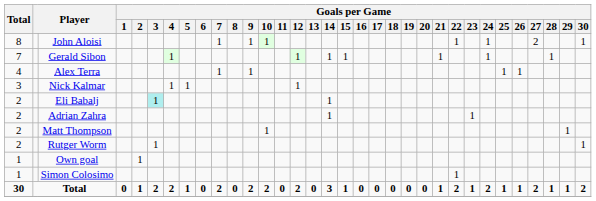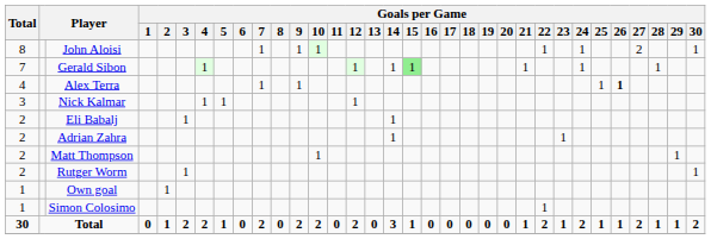 <table class="wikitable" style="text-align:center; line-height: 90%; font-size:90%">
 <tr>
 <th rowspan="2">Total</th>
 <th rowspan="2" colspan="2">Player</th>
 <th colspan="32">Goals per Game</th>
 </tr>
 <tr>
 <th> 1 </th>
 <th> 2 </th>
 <th> 3 </th>
 <th> 4 </th>
 <th> 5 </th>
 <th> 6 </th>
 <th> 7 </th>
 <th> 8 </th>
 <th> 9 </th>
 <th>10</th>
 <th>11</th>
 <th>12</th>
 <th>13</th>
 <th>14</th>
 <th>15</th>
 <th>16</th>
 <th>17</th>
 <th>18</th>
 <th>19</th>
 <th>20</th>
 <th>21</th>
 <th>22</th>
 <th>23</th>
 <th>24</th>
 <th>25</th>
 <th>26</th>
 <th>27</th>
 <th>28</th>
 <th>29</th>
 <th>30</th>
 </tr>
 <tr>
 <td>8</td>
 <td></td>
 <td><a href='#'>John Aloisi</a></td>
 <td></td>
 <td></td>
 <td></td>
 <td></td>
 <td></td>
 <td></td>
 <td>1</td>
 <td></td>
 <td>1</td>
 <td style="background:#e0ffe0;">1</td>
 <td></td>
 <td></td>
 <td></td>
 <td></td>
 <td></td>
 <td></td>
 <td></td>
 <td></td>
 <td></td>
 <td></td>
 <td></td>
 <td>1</td>
 <td></td>
 <td>1</td>
 <td></td>
 <td></td>
 <td>2</td>
 <td></td>
 <td></td>
 <td>1</td>
 </tr>
 <tr>
 <td>7</td>
 <td></td>
 <td><a href='#'>Gerald Sibon</a></td>
 <td></td>
 <td></td>
 <td></td>
 <td style="background:#e0ffe0;">1</td>
 <td></td>
 <td></td>
 <td></td>
 <td></td>
 <td></td>
 <td></td>
 <td></td>
 <td style="background:#e0ffe0;">1</td>
 <td></td>
 <td>1</td>
-<td>1</td>
+<td style="background: lightgreen;">1</td>
 <td></td>
 <td></td>
 <td></td>
 <td></td>
 <td></td>
 <td>1</td>
 <td></td>
 <td></td>
 <td>1</td>
 <td></td>
 <td></td>
 <td></td>
 <td>1</td>
 <td></td>
 <td></td>
 </tr>
 <tr>
 <td>4</td>
 <td></td>
 <td><a href='#'>Alex Terra</a></td>
 <td></td>
 <td></td>
 <td></td>
 <td></td>
 <td></td>
 <td></td>
 <td>1</td>
 <td></td>
 <td>1</td>
 <td></td>
 <td></td>
 <td></td>
 <td></td>
 <td></td>
 <td></td>
 <td></td>
 <td></td>
 <td></td>
 <td></td>
 <td></td>
 <td></td>
 <td></td>
 <td></td>
 <td></td>
 <td>1</td>
-<td>1</td>
+<td><strong>1</strong></td>
 <td></td>
 <td></td>
 <td></td>
 <td></td>
 </tr>
 <tr>
 <td>3</td>
 <td></td>
 <td><a href='#'>Nick Kalmar</a></td>
 <td></td>
 <td></td>
 <td></td>
 <td>1</td>
 <td>1</td>
 <td></td>
 <td></td>
 <td></td>
 <td></td>
 <td></td>
 <td></td>
 <td>1</td>
 <td></td>
 <td></td>
 <td></td>
 <td></td>
 <td></td>
 <td></td>
 <td></td>
 <td></td>
 <td></td>
 <td></td>
 <td></td>
 <td></td>
 <td></td>
 <td></td>
 <td></td>
 <td></td>
 <td></td>
 <td></td>
 </tr>
 <tr>
 <td>2</td>
 <td></td>
 <td><a href='#'>Eli Babalj</a></td>
 <td></td>
 <td></td>
-<td style="background: paleturquoise;">1</td>
+<td>1</td>
 <td></td>
 <td></td>
 <td></td>
 <td></td>
 <td></td>
 <td></td>
 <td></td>
 <td></td>
 <td></td>
 <td></td>
 <td>1</td>
 <td></td>
 <td></td>
 <td></td>
 <td></td>
 <td></td>
 <td></td>
 <td></td>
 <td></td>
 <td></td>
 <td></td>
 <td></td>
 <td></td>
 <td></td>
 <td></td>
 <td></td>
 <td></td>
 </tr>
 <tr>
 <td>2</td>
 <td></td>
 <td><a href='#'>Adrian Zahra</a></td>
 <td></td>
 <td></td>
 <td></td>
 <td></td>
 <td></td>
 <td></td>
 <td></td>
 <td></td>
 <td></td>
 <td></td>
 <td></td>
 <td></td>
 <td></td>
 <td>1</td>
 <td></td>
 <td></td>
 <td></td>
 <td></td>
 <td></td>
 <td></td>
 <td></td>
 <td></td>
 <td>1</td>
 <td></td>
 <td></td>
 <td></td>
 <td></td>
 <td></td>
 <td></td>
 <td></td>
 </tr>
 <tr>
 <td>2</td>
 <td></td>
 <td><a href='#'>Matt Thompson</a></td>
 <td></td>
 <td></td>
 <td></td>
 <td></td>
 <td></td>
 <td></td>
 <td></td>
 <td></td>
 <td></td>
 <td>1</td>
 <td></td>
 <td></td>
 <td></td>
 <td></td>
 <td></td>
 <td></td>
 <td></td>
 <td></td>
 <td></td>
 <td></td>
 <td></td>
 <td></td>
 <td></td>
 <td></td>
 <td></td>
 <td></td>
 <td></td>
 <td></td>
 <td>1</td>
 <td></td>
 </tr>
 <tr>
 <td>2</td>
 <td></td>
 <td><a href='#'>Rutger Worm</a></td>
 <td></td>
 <td></td>
 <td>1</td>
 <td></td>
 <td></td>
 <td></td>
 <td></td>
 <td></td>
 <td></td>
 <td></td>
 <td></td>
 <td></td>
 <td></td>
 <td></td>
 <td></td>
 <td></td>
 <td></td>
 <td></td>
 <td></td>
 <td></td>
 <td></td>
 <td></td>
 <td></td>
 <td></td>
 <td></td>
 <td></td>
 <td></td>
 <td></td>
 <td></td>
 <td>1</td>
 </tr>
 <tr>
 <td>1</td>
 <td></td>
 <td><a href='#'>Own goal</a></td>
 <td></td>
 <td>1</td>
 <td></td>
 <td></td>
 <td></td>
 <td></td>
 <td></td>
 <td></td>
 <td></td>
 <td></td>
 <td></td>
 <td></td>
 <td></td>
 <td></td>
 <td></td>
 <td></td>
 <td></td>
 <td></td>
 <td></td>
 <td></td>
 <td></td>
 <td></td>
 <td></td>
 <td></td>
 <td></td>
 <td></td>
 <td></td>
 <td></td>
 <td></td>
 <td></td>
 </tr>
 <tr>
 <td>1</td>
 <td></td>
 <td><a href='#'>Simon Colosimo</a></td>
 <td></td>
 <td></td>
 <td></td>
 <td></td>
 <td></td>
 <td></td>
 <td></td>
 <td></td>
 <td></td>
 <td></td>
 <td></td>
 <td></td>
 <td></td>
 <td></td>
 <td></td>
 <td></td>
 <td></td>
 <td></td>
 <td></td>
 <td></td>
 <td></td>
 <td>1</td>
 <td></td>
 <td></td>
 <td></td>
 <td></td>
 <td></td>
 <td></td>
 <td></td>
 <td></td>
 </tr>
 <tr>
 <td><strong>30</strong></td>
 <td colspan="2"><strong>Total</strong></td>
 <td><strong>0 </strong></td>
 <td><strong>1</strong></td>
 <td><strong>2</strong></td>
 <td><strong>2</strong></td>
 <td><strong>1</strong></td>
 <td><strong>0</strong></td>
 <td><strong>2</strong></td>
 <td><strong>0</strong></td>
 <td><strong>2</strong></td>
 <td><strong>2</strong></td>
 <td><strong>0</strong></td>
 <td><strong>2</strong></td>
 <td><strong>0</strong></td>
 <td><strong>3</strong></td>
 <td><strong>1</strong></td>
 <td><strong>0</strong></td>
 <td><strong>0</strong></td>
 <td><strong>0</strong></td>
 <td><strong>0</strong></td>
 <td><strong>0</strong></td>
 <td><strong>1</strong></td>
 <td><strong>2</strong></td>
 <td><strong>1</strong></td>
 <td><strong>2</strong></td>
 <td><strong>1</strong></td>
 <td><strong>1</strong></td>
 <td><strong>2</strong></td>
 <td><strong>1</strong></td>
 <td><strong>1</strong></td>
 <td><strong>2</strong></td>
 </tr>
 <tr>
 </tr>
 </table>
